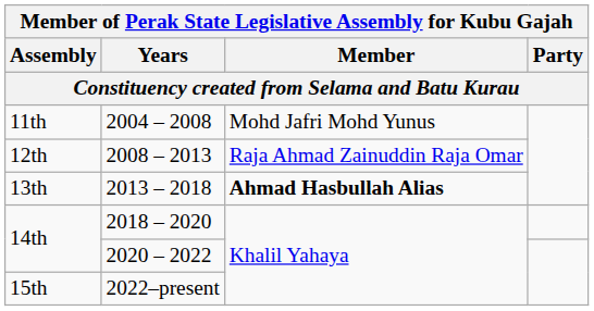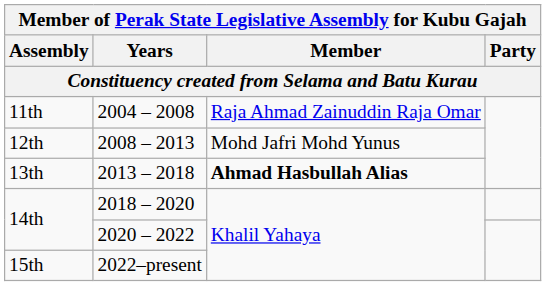 <table class="wikitable">
 <tr>
 <th colspan="4">Member of <a href='#'>Perak State Legislative Assembly</a> for <strong>Kubu Gajah</strong></th>
 </tr>
 <tr>
 <th>Assembly</th>
 <th>Years</th>
 <th>Member</th>
 <th>Party</th>
 </tr>
 <tr>
 <th colspan="4" align="center"><em>Constituency created from Selama and Batu Kurau</em></th>
 </tr>
 <tr>
 <td>11th</td>
 <td>2004 – 2008</td>
-<td>Mohd Jafri Mohd Yunus</td>
+<td><a href='#'>Raja Ahmad Zainuddin Raja Omar</a></td>
 <td rowspan="3"></td>
 </tr>
 <tr>
 <td>12th</td>
 <td>2008 – 2013</td>
-<td><a href='#'>Raja Ahmad Zainuddin Raja Omar</a></td>
+<td>Mohd Jafri Mohd Yunus</td>
 </tr>
 <tr>
 <td>13th</td>
 <td>2013 – 2018</td>
 <td><strong>Ahmad Hasbullah Alias</strong></td>
 </tr>
 <tr>
 <td rowspan="2">14th</td>
 <td>2018 – 2020</td>
 <td rowspan="3"><a href='#'>Khalil Yahaya</a></td>
 <td></td>
 </tr>
 <tr>
 <td>2020 – 2022</td>
 <td rowspan="2"></td>
 </tr>
 <tr>
 <td>15th</td>
 <td>2022–present</td>
 </tr>
 </table>
